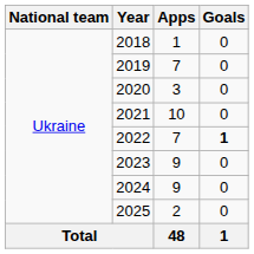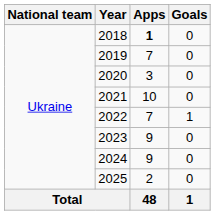 <table class="wikitable" style="text-align:center">
 <tr>
 <th>National team</th>
 <th>Year</th>
 <th>Apps</th>
 <th>Goals</th>
 </tr>
 <tr>
 <td rowspan="8"><a href='#'>Ukraine</a></td>
 <td>2018</td>
-<td>1</td>
+<td><strong>1</strong></td>
 <td>0</td>
 </tr>
 <tr>
 <td>2019</td>
 <td>7</td>
 <td>0</td>
 </tr>
 <tr>
 <td>2020</td>
 <td>3</td>
 <td>0</td>
 </tr>
 <tr>
 <td>2021</td>
 <td>10</td>
 <td>0</td>
 </tr>
 <tr>
 <td>2022</td>
 <td>7</td>
-<td><strong>1</strong></td>
+<td>1</td>
 </tr>
 <tr>
 <td>2023</td>
 <td>9</td>
 <td>0</td>
 </tr>
 <tr>
 <td>2024</td>
 <td>9</td>
 <td>0</td>
 </tr>
 <tr>
 <td>2025</td>
 <td>2</td>
 <td>0</td>
 </tr>
 <tr>
 <th colspan="2">Total</th>
 <th>48</th>
 <th>1</th>
 </tr>
 </table>
